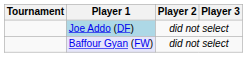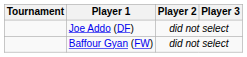 <table class="wikitable">
 <tr>
 <th>Tournament</th>
 <th>Player 1</th>
 <th>Player 2</th>
 <th>Player 3</th>
 </tr>
 <tr>
 <td></td>
-<td style="background: lightblue;"><a href='#'>Joe Addo</a> (<a href='#'>DF</a>)</td>
+<td><a href='#'>Joe Addo</a> (<a href='#'>DF</a>)</td>
 <td colspan="2" align="center"><em>did not select</em></td>
 </tr>
 <tr>
 <td></td>
-<td style="background: lavender;"><a href='#'>Baffour Gyan</a> (<a href='#'>FW</a>)</td>
+<td><a href='#'>Baffour Gyan</a> (<a href='#'>FW</a>)</td>
 <td colspan="2" align="center"><em>did not select</em></td>
 </tr>
 </table>
